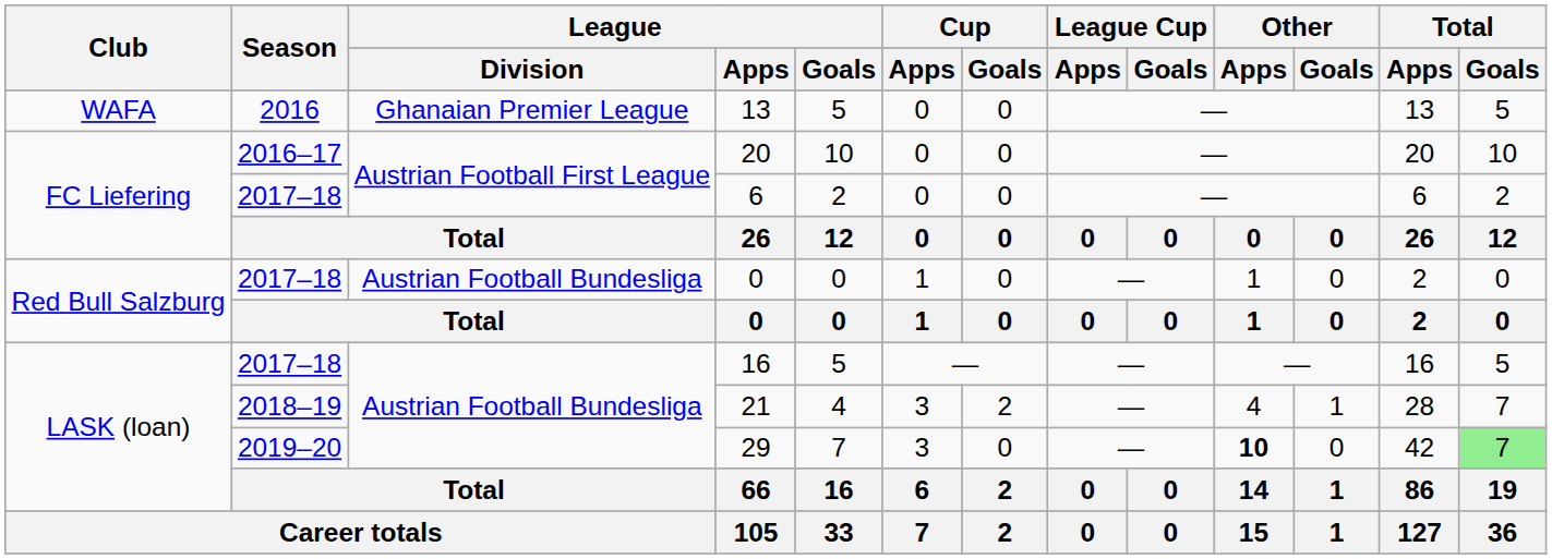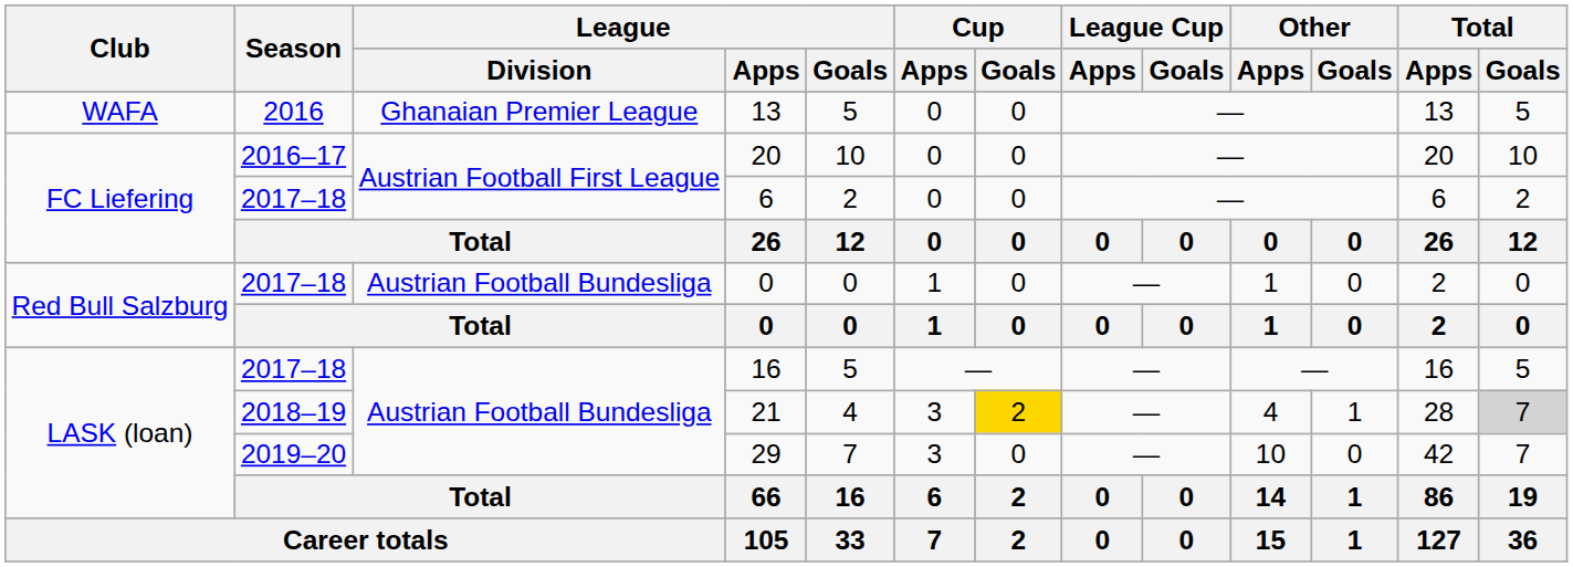 <table class="wikitable" style="font-size:90%; text-align: center">
 <tr>
 <th rowspan=2>Club</th>
 <th rowspan=2>Season</th>
 <th colspan=3>League</th>
 <th colspan=2>Cup</th>
 <th colspan=2>League Cup</th>
 <th colspan=2>Other</th>
 <th colspan=2>Total</th>
 </tr>
 <tr>
 <th>Division</th>
 <th>Apps</th>
 <th>Goals</th>
 <th>Apps</th>
 <th>Goals</th>
 <th>Apps</th>
 <th>Goals</th>
 <th>Apps</th>
 <th>Goals</th>
 <th>Apps</th>
 <th>Goals</th>
 </tr>
 <tr>
 <td><a href='#'>WAFA</a></td>
 <td><a href='#'>2016</a></td>
 <td><a href='#'>Ghanaian Premier League</a></td>
 <td>13</td>
 <td>5</td>
 <td>0</td>
 <td>0</td>
 <td colspan=4>—</td>
 <td>13</td>
 <td>5</td>
 </tr>
 <tr>
 <td rowspan=3><a href='#'>FC Liefering</a></td>
 <td><a href='#'>2016–17</a></td>
 <td rowspan=2><a href='#'>Austrian Football First League</a></td>
 <td>20</td>
 <td>10</td>
 <td>0</td>
 <td>0</td>
 <td colspan=4>—</td>
 <td>20</td>
 <td>10</td>
 </tr>
 <tr>
 <td><a href='#'>2017–18</a></td>
 <td>6</td>
 <td>2</td>
 <td>0</td>
 <td>0</td>
 <td colspan=4>—</td>
 <td>6</td>
 <td>2</td>
 </tr>
 <tr>
 <th colspan=2>Total</th>
 <th>26</th>
 <th>12</th>
 <th>0</th>
 <th>0</th>
 <th>0</th>
 <th>0</th>
 <th>0</th>
 <th>0</th>
 <th>26</th>
 <th>12</th>
 </tr>
 <tr>
 <td rowspan=2><a href='#'>Red Bull Salzburg</a></td>
 <td><a href='#'>2017–18</a></td>
 <td><a href='#'>Austrian Football Bundesliga</a></td>
 <td>0</td>
 <td>0</td>
 <td>1</td>
 <td>0</td>
 <td colspan=2>—</td>
 <td>1</td>
 <td>0</td>
 <td>2</td>
 <td>0</td>
 </tr>
 <tr>
 <th colspan=2>Total</th>
 <th>0</th>
 <th>0</th>
 <th>1</th>
 <th>0</th>
 <th>0</th>
 <th>0</th>
 <th>1</th>
 <th>0</th>
 <th>2</th>
 <th>0</th>
 </tr>
 <tr>
 <td rowspan=4><a href='#'>LASK</a> (loan)</td>
 <td><a href='#'>2017–18</a></td>
 <td rowspan=3><a href='#'>Austrian Football Bundesliga</a></td>
 <td>16</td>
 <td>5</td>
 <td colspan=2>—</td>
 <td colspan=2>—</td>
 <td colspan=2>—</td>
 <td>16</td>
 <td>5</td>
 </tr>
 <tr>
 <td><a href='#'>2018–19</a></td>
 <td>21</td>
 <td>4</td>
 <td>3</td>
-<td>2</td>
+<td style="background: gold;">2</td>
 <td colspan=2>—</td>
 <td>4</td>
 <td>1</td>
 <td>28</td>
-<td>7</td>
+<td style="background: lightgrey;">7</td>
 </tr>
 <tr>
 <td><a href='#'>2019–20</a></td>
 <td>29</td>
 <td>7</td>
 <td>3</td>
 <td>0</td>
 <td colspan=2>—</td>
-<td><strong>10</strong></td>
+<td>10</td>
 <td>0</td>
 <td>42</td>
-<td style="background: lightgreen;">7</td>
+<td>7</td>
 </tr>
 <tr>
 <th colspan=2>Total</th>
 <th>66</th>
 <th>16</th>
 <th>6</th>
 <th>2</th>
 <th>0</th>
 <th>0</th>
 <th>14</th>
 <th>1</th>
 <th>86</th>
 <th>19</th>
 </tr>
 <tr>
 <th colspan=3>Career totals</th>
 <th>105</th>
 <th>33</th>
 <th>7</th>
 <th>2</th>
 <th>0</th>
 <th>0</th>
 <th>15</th>
 <th>1</th>
 <th>127</th>
 <th>36</th>
 </tr>
 </table>
